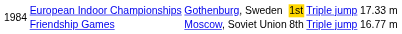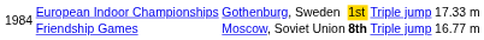 <table>
 <tr>
 <td rowspan=2>1984</td>
 <td><a href='#'>European Indoor Championships</a></td>
 <td><a href='#'>Gothenburg</a>, Sweden</td>
 <td bgcolor=gold>1st</td>
 <td><a href='#'>Triple jump</a></td>
 <td>17.33 m </td>
 </tr>
 <tr>
 <td><a href='#'>Friendship Games</a></td>
 <td><a href='#'>Moscow</a>, Soviet Union</td>
-<td>8th</td>
+<td><strong>8th</strong></td>
 <td><a href='#'>Triple jump</a></td>
 <td>16.77 m</td>
 </tr>
 </table>
